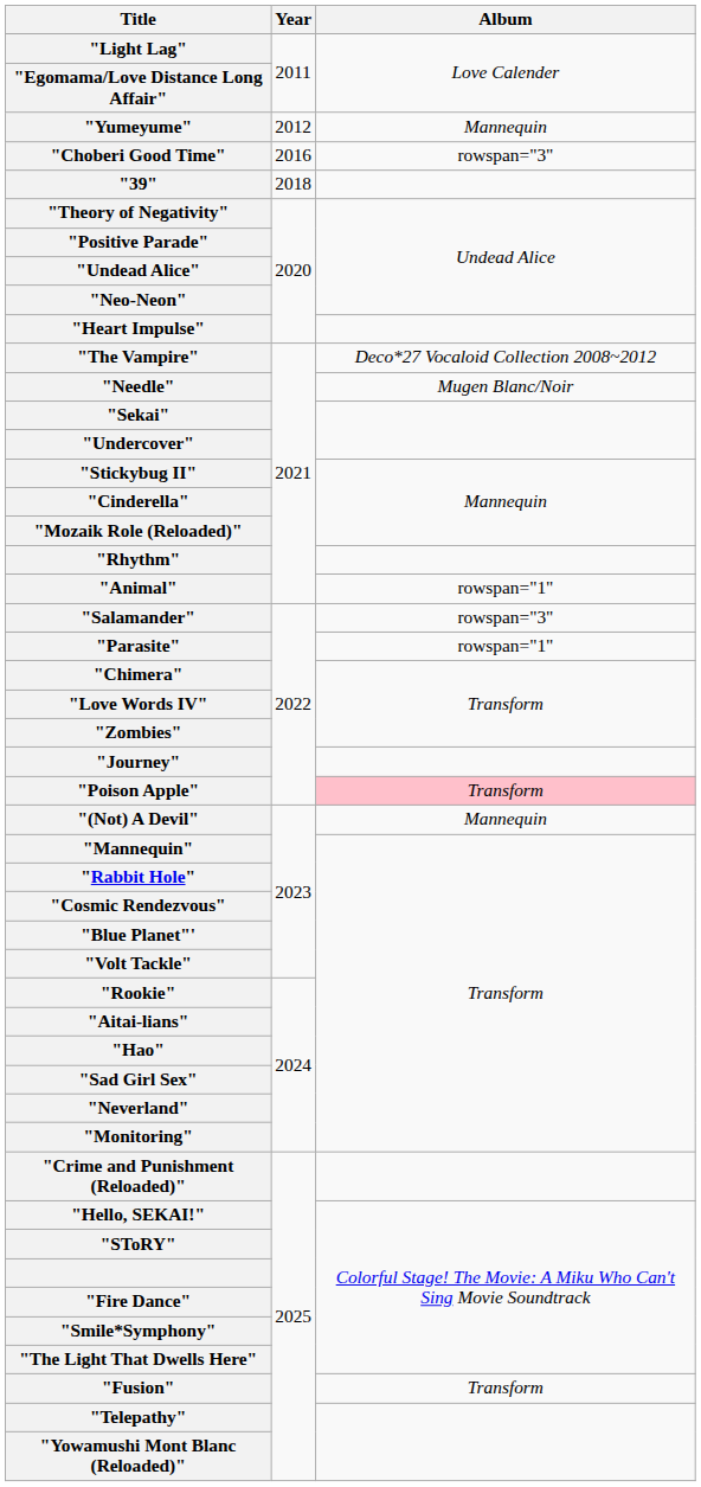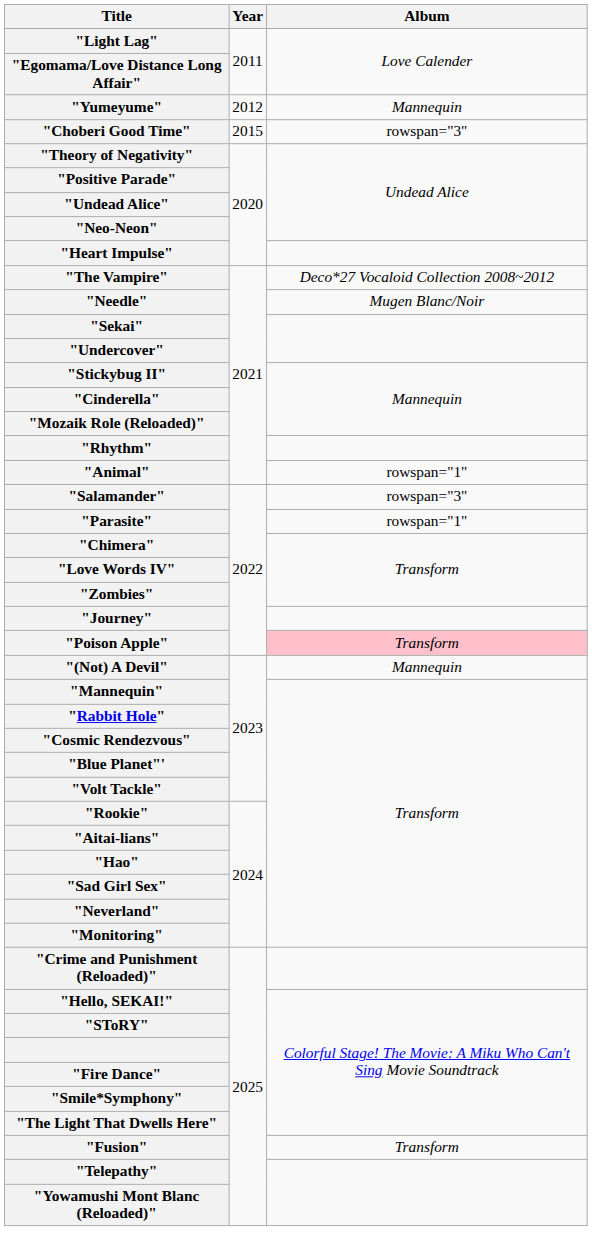 <table class="wikitable plainrowheaders" style="text-align:center;">
 <tr>
 <th scope="col">Title</th>
 <th scope="col">Year</th>
 <th scope="col">Album</th>
 </tr>
 <tr style="font-size:smaller;">
 </tr>
 <tr>
 <th scope="row">"Light Lag"</th>
 <td rowspan="2">2011</td>
 <td rowspan="2"><em>Love Calender</em></td>
 </tr>
 <tr>
 <th scope="row">"Egomama/Love Distance Long Affair"</th>
 </tr>
 <tr>
 <th scope="row">"Yumeyume"</th>
 <td>2012</td>
 <td><em>Mannequin</em></td>
 </tr>
 <tr>
 <th scope="row">"Choberi Good Time"<br></th>
-<td>2016</td>
+<td>2015</td>
 <td>rowspan="3" </td>
-</tr>
-<tr>
-<th scope="row">"39"<br></th>
-<td>2018</td>
-<td></td>
 </tr>
 <tr>
 <th scope="row">"Theory of Negativity"</th>
 <td rowspan="5">2020</td>
 <td rowspan="4"><em>Undead Alice</em></td>
 </tr>
 <tr>
 <th scope="row">"Positive Parade"</th>
 </tr>
 <tr>
 <th scope="row">"Undead Alice"</th>
 </tr>
 <tr>
 <th scope="row">"Neo-Neon"</th>
 </tr>
 <tr>
 <th scope="row">"Heart Impulse"<br></th>
 <td></td>
 </tr>
 <tr>
 <th scope="row">"The Vampire"</th>
 <td rowspan="9">2021</td>
 <td><em>Deco*27 Vocaloid Collection 2008~2012</em></td>
 </tr>
 <tr>
 <th scope="row">"Needle"</th>
 <td><em>Mugen Blanc/Noir</em></td>
 </tr>
 <tr>
 <th scope="row">"Sekai"<br></th>
 </tr>
 <tr>
 <th scope="row">"Undercover"</th>
 </tr>
 <tr>
 <th scope="row">"Stickybug II"</th>
 <td rowspan="3"><em>Mannequin</em></td>
 </tr>
 <tr>
 <th scope="row">"Cinderella"</th>
 </tr>
 <tr>
 <th scope="row">"Mozaik Role (Reloaded)"</th>
 </tr>
 <tr>
 <th scope="row">"Rhythm"</th>
 <td></td>
 </tr>
 <tr>
 <th scope="row">"Animal"</th>
 <td>rowspan="1" </td>
 </tr>
 <tr>
 <th scope="row">"Salamander"</th>
 <td rowspan="7">2022</td>
 <td>rowspan="3" </td>
 </tr>
 <tr>
 <th scope="row">"Parasite"</th>
 <td>rowspan="1" </td>
 </tr>
 <tr>
 <th scope="row">"Chimera"</th>
 <td rowspan="3"><em>Transform</em></td>
 </tr>
 <tr>
 <th scope="row">"Love Words IV"</th>
 </tr>
 <tr>
 <th scope="row">"Zombies"</th>
 </tr>
 <tr>
 <th scope="row">"Journey"</th>
 <td></td>
 </tr>
 <tr>
 <th scope="row">"Poison Apple"</th>
 <td style="background: pink;"><em>Transform</em></td>
 </tr>
 <tr>
 <th scope="row">"(Not) A Devil"<br></th>
 <td rowspan="6">2023</td>
 <td><em>Mannequin</em></td>
 </tr>
 <tr>
 <th scope="row">"Mannequin"</th>
 <td rowspan="11"><em>Transform</em></td>
 </tr>
 <tr>
 <th scope="row">"<a href='#'>Rabbit Hole</a>"</th>
 </tr>
 <tr>
 <th scope="row">"Cosmic Rendezvous"</th>
 </tr>
 <tr>
 <th scope="row">"Blue Planet"'</th>
 </tr>
 <tr>
 <th scope="row">"Volt Tackle"</th>
 </tr>
 <tr>
 <th scope="row">"Rookie"</th>
 <td rowspan="6">2024</td>
 </tr>
 <tr>
 <th scope="row">"Aitai-lians"</th>
 </tr>
 <tr>
 <th scope="row">"Hao"</th>
 </tr>
 <tr>
 <th scope="row">"Sad Girl Sex"</th>
 </tr>
 <tr>
 <th scope="row">"Neverland"</th>
 </tr>
 <tr>
 <th scope="row">"Monitoring"</th>
 </tr>
 <tr>
 <th scope="row">"Crime and Punishment (Reloaded)"</th>
 <td rowspan="10">2025</td>
 <td></td>
 </tr>
 <tr>
 <th scope="row">"Hello, SEKAI!"<br></th>
 <td rowspan="6"><em><a href='#'>Colorful Stage! The Movie: A Miku Who Can't Sing</a> Movie Soundtrack</em></td>
 </tr>
 <tr>
 <th scope="row">"SToRY"<br></th>
 </tr>
 <tr>
 <th scope="row"> <br></th>
 </tr>
 <tr>
 <th scope="row">"Fire Dance"<br></th>
 </tr>
 <tr>
 <th scope="row">"Smile*Symphony"<br></th>
 </tr>
 <tr>
 <th scope="row">"The Light That Dwells Here"<br></th>
 </tr>
 <tr>
 <th scope="row">"Fusion"</th>
 <td><em>Transform</em></td>
 </tr>
 <tr>
 <th scope="row">"Telepathy"</th>
 </tr>
 <tr>
 <th scope="row">"Yowamushi Mont Blanc (Reloaded)"</th>
 </tr>
 </table>
